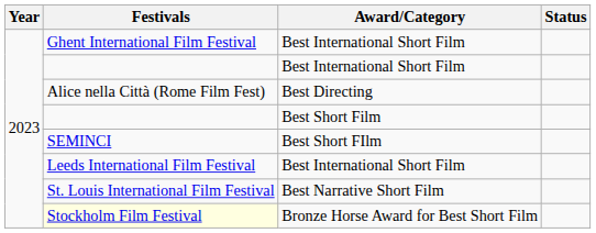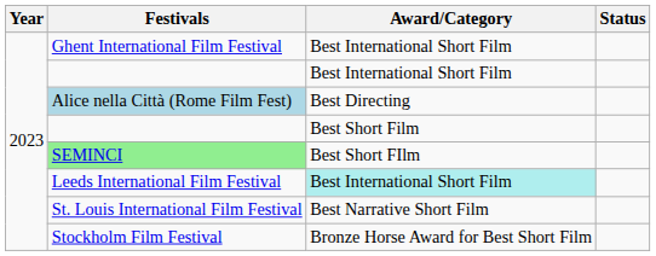 <table class="wikitable">
 <tr>
 <th>Year</th>
 <th>Festivals</th>
 <th>Award/Category</th>
 <th>Status</th>
 </tr>
 <tr>
 <td rowspan="8">2023</td>
 <td><a href='#'>Ghent International Film Festival</a></td>
 <td>Best International Short Film</td>
 <td></td>
 </tr>
 <tr>
 <td></td>
 <td>Best International Short Film</td>
 <td></td>
 </tr>
 <tr>
-<td>Alice nella Città (Rome Film Fest)</td>
+<td style="background: lightblue;">Alice nella Città (Rome Film Fest)</td>
 <td>Best Directing</td>
 <td></td>
 </tr>
 <tr>
 <td></td>
 <td>Best Short Film</td>
 <td></td>
 </tr>
 <tr>
-<td><a href='#'>SEMINCI</a></td>
+<td style="background: lightgreen;"><a href='#'>SEMINCI</a></td>
 <td>Best Short FIlm</td>
 <td></td>
 </tr>
 <tr>
 <td><a href='#'>Leeds International Film Festival</a></td>
-<td>Best International Short Film</td>
+<td style="background: paleturquoise;">Best International Short Film</td>
 <td></td>
 </tr>
 <tr>
 <td><a href='#'>St. Louis International Film Festival</a></td>
 <td>Best Narrative Short Film</td>
 <td></td>
 </tr>
 <tr>
-<td style="background: lightyellow;"><a href='#'>Stockholm Film Festival</a></td>
+<td><a href='#'>Stockholm Film Festival</a></td>
 <td>Bronze Horse Award for Best Short Film</td>
 <td></td>
 </tr>
 </table>
